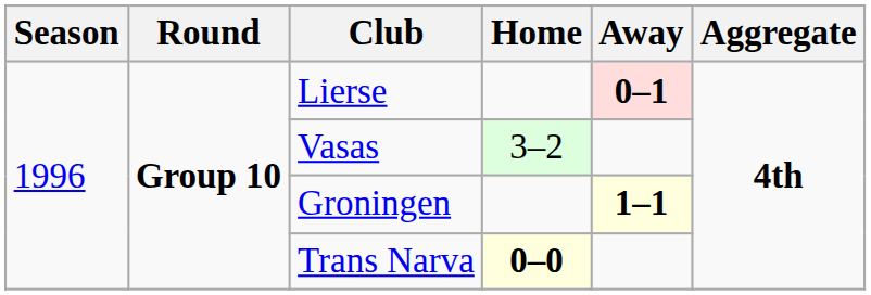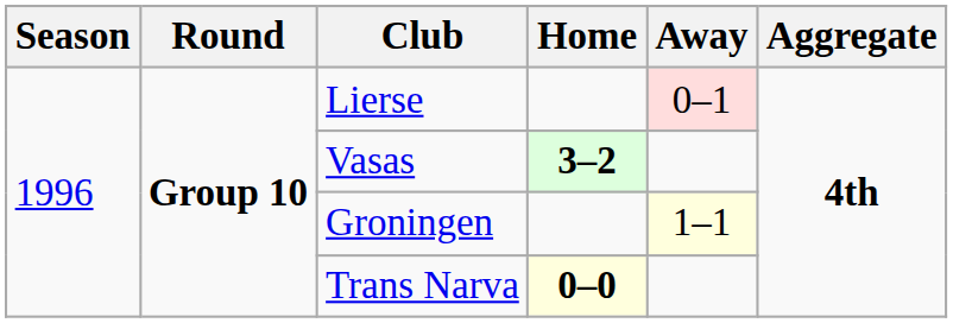 <table class="wikitable">
 <tr>
 <th>Season</th>
 <th>Round</th>
 <th>Club</th>
 <th>Home</th>
 <th>Away</th>
 <th>Aggregate</th>
 </tr>
 <tr>
 <td rowspan="4"><a href='#'>1996</a></td>
 <td style="text-align:center;" rowspan=4><strong>Group 10</strong></td>
 <td> <a href='#'>Lierse</a></td>
 <td></td>
-<td style="text-align:center; background:#fdd;"><strong>0–1</strong></td>
+<td style="text-align:center; background:#fdd;">0–1</td>
 <td style="text-align:center;" rowspan=4><strong>4th</strong></td>
 </tr>
 <tr>
 <td> <a href='#'>Vasas</a></td>
-<td style="text-align:center; background:#dfd;">3–2</td>
+<td style="text-align:center; background:#dfd;"><strong>3–2</strong></td>
 <td></td>
 </tr>
 <tr>
 <td> <a href='#'>Groningen</a></td>
 <td></td>
-<td style="text-align:center; background:#ffd;"><strong>1–1</strong></td>
+<td style="text-align:center; background:#ffd;">1–1</td>
 </tr>
 <tr>
 <td> <a href='#'>Trans Narva</a></td>
 <td style="text-align:center; background:#ffd;"><strong>0–0</strong></td>
 <td></td>
 </tr>
 </table>
